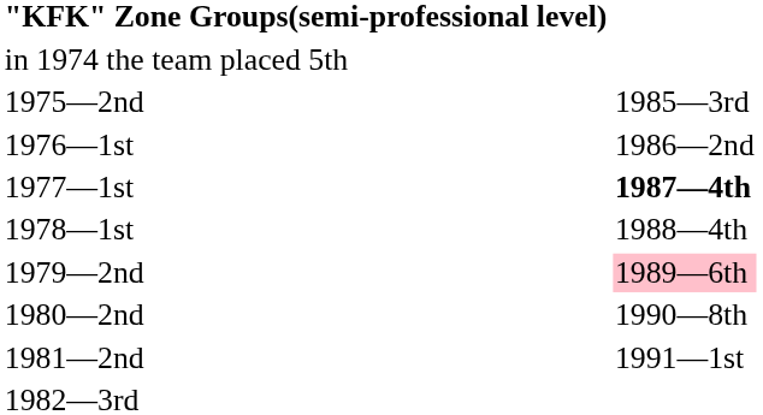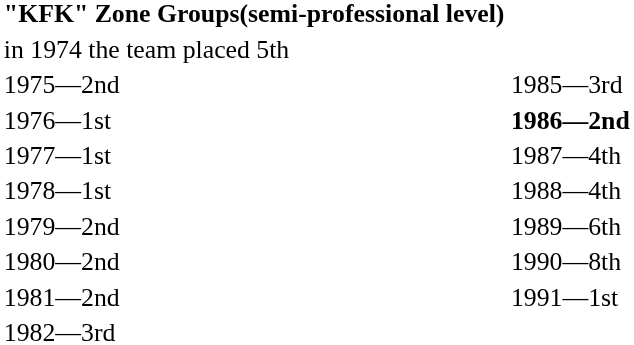 <table>
 <tr>
 <th>"KFK" Zone Groups(semi-professional level)</th>
 <th></th>
 </tr>
 <tr>
 <td>in 1974 the team placed 5th</td>
 </tr>
 <tr>
 <td>1975—2nd</td>
 <td>1985—3rd</td>
 </tr>
 <tr>
 <td>1976—1st</td>
-<td>1986—2nd</td>
+<td><strong>1986—2nd</strong></td>
 </tr>
 <tr>
 <td>1977—1st</td>
-<td><strong>1987—4th</strong></td>
+<td>1987—4th</td>
 </tr>
 <tr>
 <td>1978—1st</td>
 <td>1988—4th</td>
 </tr>
 <tr>
 <td>1979—2nd</td>
-<td style="background: pink;">1989—6th</td>
+<td>1989—6th</td>
 </tr>
 <tr>
 <td>1980—2nd</td>
 <td>1990—8th</td>
 </tr>
 <tr>
 <td>1981—2nd</td>
 <td>1991—1st</td>
 </tr>
 <tr>
 <td>1982—3rd</td>
 <td></td>
 </tr>
 </table>
